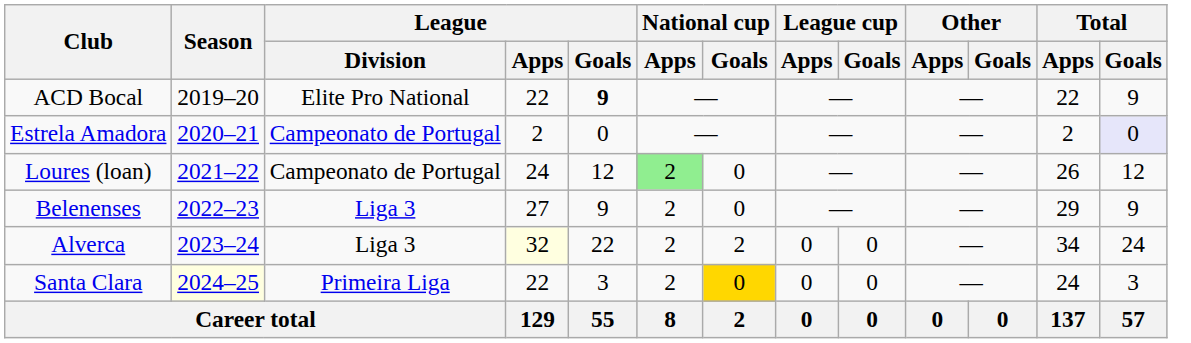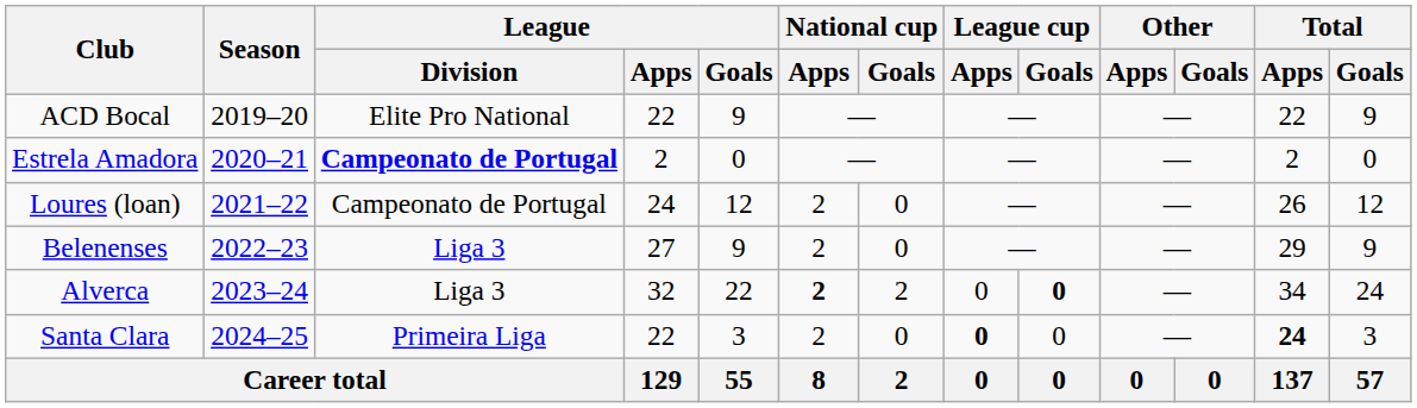 <table class="wikitable" style="text-align: center;">
 <tr>
 <th rowspan="2">Club</th>
 <th rowspan="2">Season</th>
 <th colspan="3">League</th>
 <th colspan="2">National cup</th>
 <th colspan="2">League cup</th>
 <th colspan="2">Other</th>
 <th colspan="2">Total</th>
 </tr>
 <tr>
 <th>Division</th>
 <th>Apps</th>
 <th>Goals</th>
 <th>Apps</th>
 <th>Goals</th>
 <th>Apps</th>
 <th>Goals</th>
 <th>Apps</th>
 <th>Goals</th>
 <th>Apps</th>
 <th>Goals</th>
 </tr>
 <tr>
 <td>ACD Bocal</td>
 <td>2019–20</td>
 <td>Elite Pro National</td>
 <td>22</td>
-<td><strong>9</strong></td>
+<td>9</td>
 <td colspan="2">—</td>
 <td colspan="2">—</td>
 <td colspan="2">—</td>
 <td>22</td>
 <td>9</td>
 </tr>
 <tr>
 <td><a href='#'>Estrela Amadora</a></td>
 <td><a href='#'>2020–21</a></td>
-<td><a href='#'>Campeonato de Portugal</a></td>
+<td><strong><a href='#'>Campeonato de Portugal</a></strong></td>
 <td>2</td>
 <td>0</td>
 <td colspan="2">—</td>
 <td colspan="2">—</td>
 <td colspan="2">—</td>
 <td>2</td>
-<td style="background: lavender;">0</td>
+<td>0</td>
 </tr>
 <tr>
 <td><a href='#'>Loures</a> (loan)</td>
 <td><a href='#'>2021–22</a></td>
 <td>Campeonato de Portugal</td>
 <td>24</td>
 <td>12</td>
-<td style="background: lightgreen;">2</td>
+<td>2</td>
 <td>0</td>
 <td colspan="2">—</td>
 <td colspan="2">—</td>
 <td>26</td>
 <td>12</td>
 </tr>
 <tr>
 <td><a href='#'>Belenenses</a></td>
 <td><a href='#'>2022–23</a></td>
 <td><a href='#'>Liga 3</a></td>
 <td>27</td>
 <td>9</td>
 <td>2</td>
 <td>0</td>
 <td colspan="2">—</td>
 <td colspan="2">—</td>
 <td>29</td>
 <td>9</td>
 </tr>
 <tr>
 <td><a href='#'>Alverca</a></td>
 <td><a href='#'>2023–24</a></td>
 <td>Liga 3</td>
-<td style="background: lightyellow;">32</td>
+<td>32</td>
 <td>22</td>
-<td>2</td>
+<td><strong>2</strong></td>
 <td>2</td>
 <td>0</td>
-<td>0</td>
+<td><strong>0</strong></td>
 <td colspan="2">—</td>
 <td>34</td>
 <td>24</td>
 </tr>
 <tr>
 <td><a href='#'>Santa Clara</a></td>
-<td style="background: lightyellow;"><a href='#'>2024–25</a></td>
+<td><a href='#'>2024–25</a></td>
 <td><a href='#'>Primeira Liga</a></td>
 <td>22</td>
 <td>3</td>
 <td>2</td>
-<td style="background: gold;">0</td>
 <td>0</td>
+<td><strong>0</strong></td>
 <td>0</td>
 <td colspan="2">—</td>
-<td>24</td>
+<td><strong>24</strong></td>
 <td>3</td>
 </tr>
 <tr>
 <th colspan="3">Career total</th>
 <th>129</th>
 <th>55</th>
 <th>8</th>
 <th>2</th>
 <th>0</th>
 <th>0</th>
 <th>0</th>
 <th>0</th>
 <th>137</th>
 <th>57</th>
 </tr>
 </table>
